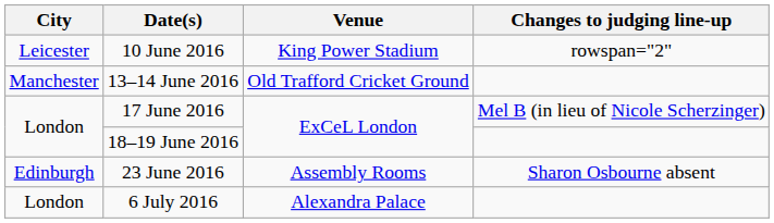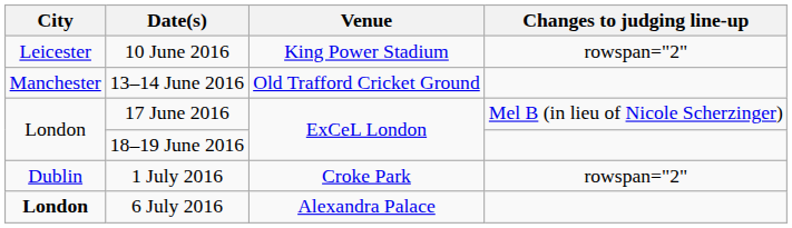 <table class="wikitable sortable plainrowheaders" style="text-align:center">
 <tr>
 <th>City</th>
 <th scope="col">Date(s)</th>
 <th scope="col">Venue</th>
 <th scope="col">Changes to judging line-up</th>
 </tr>
 <tr>
 <td><a href='#'>Leicester</a></td>
 <td>10 June 2016</td>
 <td><a href='#'>King Power Stadium</a></td>
 <td>rowspan="2" </td>
 </tr>
 <tr>
 <td><a href='#'>Manchester</a></td>
 <td>13–14 June 2016</td>
 <td><a href='#'>Old Trafford Cricket Ground</a></td>
 </tr>
 <tr>
 <td rowspan="2">London</td>
 <td>17 June 2016</td>
 <td rowspan="2"><a href='#'>ExCeL London</a></td>
 <td><a href='#'>Mel B</a> (in lieu of <a href='#'>Nicole Scherzinger</a>)</td>
 </tr>
 <tr>
 <td>18–19 June 2016</td>
 <td></td>
 </tr>
 <tr>
-<td><a href='#'>Edinburgh</a></td>
-<td>23 June 2016</td>
-<td><a href='#'>Assembly Rooms</a></td>
-<td><a href='#'>Sharon Osbourne</a> absent</td>
+<td><a href='#'>Dublin</a></td>
+<td>1 July 2016</td>
+<td><a href='#'>Croke Park</a></td>
+<td>rowspan="2" </td>
 </tr>
 <tr>
-<td>London</td>
+<td><strong>London</strong></td>
 <td>6 July 2016</td>
 <td><a href='#'>Alexandra Palace</a></td>
 </tr>
 </table>
